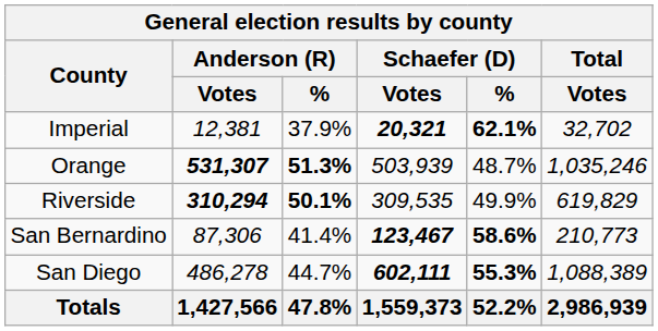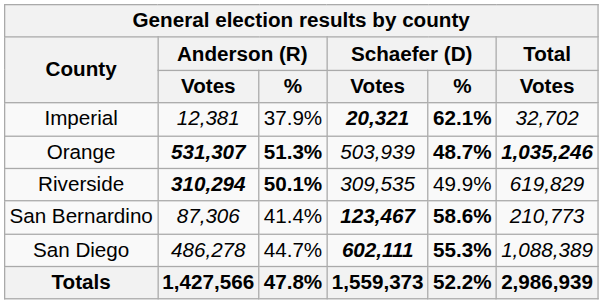 <table class="wikitable sortable" style="text-align:center">
 <tr>
 <th colspan=6>General election results by county</th>
 </tr>
 <tr>
 <th rowspan=2>County</th>
 <th colspan=2>Anderson (R)</th>
 <th colspan=2>Schaefer (D)</th>
 <th>Total</th>
 </tr>
 <tr>
 <th>Votes</th>
 <th>%</th>
 <th>Votes</th>
 <th>%</th>
 <th data-sort-type=number>Votes</th>
 </tr>
 <tr>
 <td>Imperial</td>
 <td><em>12,381</em></td>
 <td>37.9%</td>
 <td><strong><em>20,321</em></strong></td>
 <td><strong>62.1%</strong></td>
 <td><em>32,702</em></td>
 </tr>
 <tr>
 <td>Orange</td>
 <td><strong><em>531,307</em></strong></td>
 <td><strong>51.3%</strong></td>
 <td><em>503,939</em></td>
-<td>48.7%</td>
-<td><em>1,035,246</em></td>
+<td><strong>48.7%</strong></td>
+<td><strong><em>1,035,246</em></strong></td>
 </tr>
 <tr>
 <td>Riverside</td>
 <td><strong><em>310,294</em></strong></td>
 <td><strong>50.1%</strong></td>
 <td><em>309,535</em></td>
 <td>49.9%</td>
 <td><em>619,829</em></td>
 </tr>
 <tr>
 <td>San Bernardino</td>
 <td><em>87,306</em></td>
 <td>41.4%</td>
 <td><strong><em>123,467</em></strong></td>
 <td><strong>58.6%</strong></td>
 <td><em>210,773</em></td>
 </tr>
 <tr>
 <td>San Diego</td>
 <td><em>486,278</em></td>
 <td>44.7%</td>
 <td><strong><em>602,111</em></strong></td>
 <td><strong>55.3%</strong></td>
 <td><em>1,088,389</em></td>
 </tr>
 <tr>
 <th>Totals</th>
 <th>1,427,566</th>
 <th>47.8%</th>
 <th>1,559,373</th>
 <th>52.2%</th>
 <th>2,986,939</th>
 </tr>
 </table>
